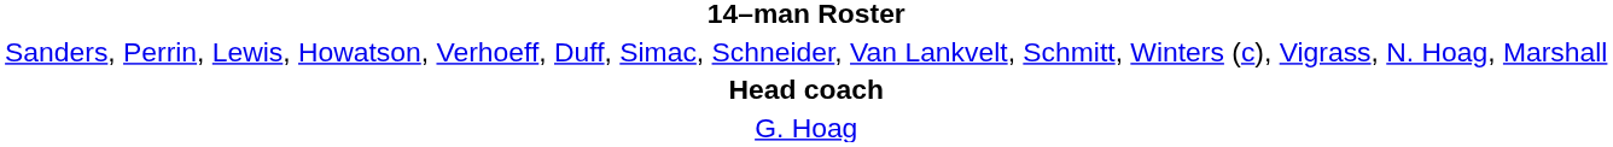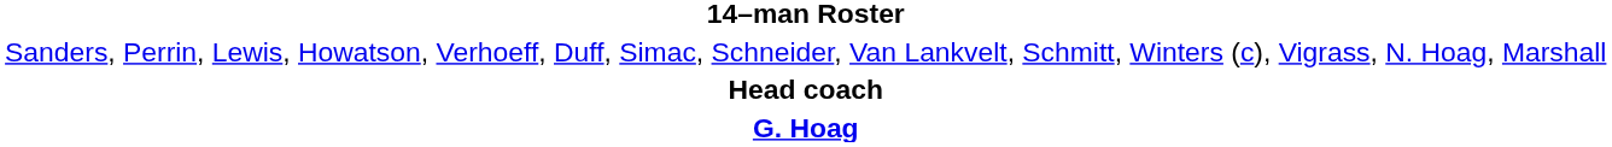 <table style="text-align:center; margin-top:2em; margin-left:auto; margin-right:auto">
 <tr>
 <td><strong>14–man Roster</strong></td>
 </tr>
 <tr>
 <td><a href='#'>Sanders</a>, <a href='#'>Perrin</a>, <a href='#'>Lewis</a>, <a href='#'>Howatson</a>, <a href='#'>Verhoeff</a>, <a href='#'>Duff</a>, <a href='#'>Simac</a>, <a href='#'>Schneider</a>, <a href='#'>Van Lankvelt</a>, <a href='#'>Schmitt</a>, <a href='#'>Winters</a> (<a href='#'>c</a>), <a href='#'>Vigrass</a>, <a href='#'>N. Hoag</a>, <a href='#'>Marshall</a></td>
 </tr>
 <tr>
 <td><strong>Head coach</strong></td>
 </tr>
 <tr>
-<td><a href='#'>G. Hoag</a></td>
+<td><strong><a href='#'>G. Hoag</a></strong></td>
 </tr>
 </table>
